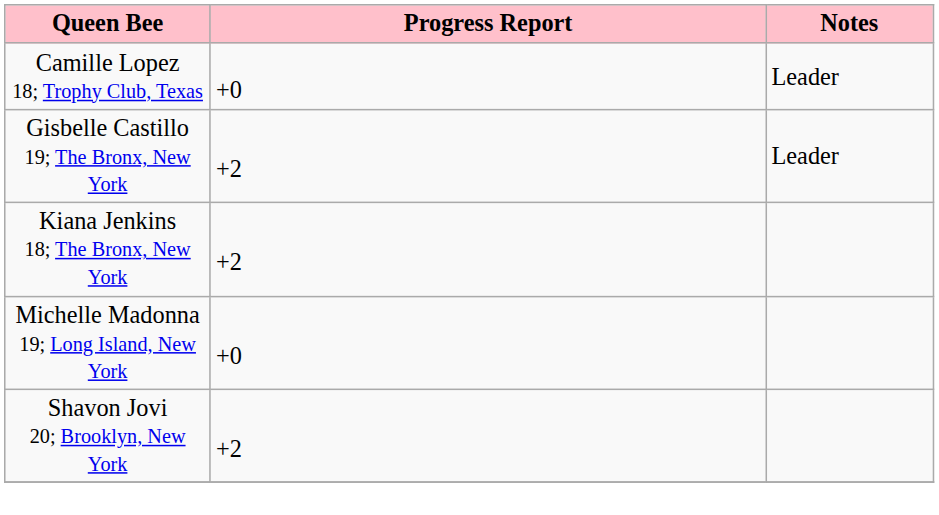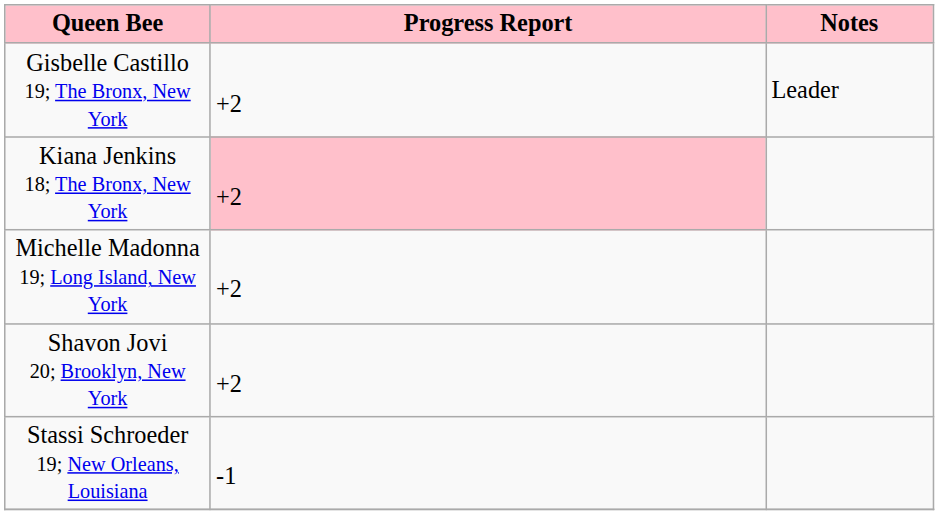 <table class="wikitable" width="98%">
 <tr>
 <th width="125" style="background:pink;">Queen Bee</th>
 <th width="350" style="background:pink;">Progress Report</th>
 <th width="100" style="background:pink;">Notes</th>
-</tr>
-<tr>
-<td style="text-align:center;">Camille Lopez<br><small>18; <a href='#'>Trophy Club, Texas</a></small></td>
-<td><br>        +0</td>
-<td>Leader</td>
 </tr>
 <tr>
 <td style="text-align:center;">Gisbelle Castillo<br><small>19; <a href='#'>The Bronx, New York</a></small></td>
 <td><br>        +2</td>
 <td>Leader</td>
 </tr>
 <tr>
 <td style="text-align:center;">Kiana Jenkins<br><small>18; <a href='#'>The Bronx, New York</a></small></td>
-<td><br>       +2</td>
+<td style="background: pink;"><br>       +2</td>
 <td></td>
 </tr>
 <tr>
 <td style="text-align:center;">Michelle Madonna<br><small>19; <a href='#'>Long Island, New York</a></small></td>
-<td><br>       +0</td>
+<td><br>       +2</td>
 <td></td>
 </tr>
 <tr>
 <td style="text-align:center;">Shavon Jovi<br><small>20; <a href='#'>Brooklyn, New York</a></small></td>
 <td><br>       +2</td>
 <td></td>
 </tr>
 <tr>
+<td style="text-align:center;">Stassi Schroeder<br><small>19; <a href='#'>New Orleans, Louisiana</a></small></td>
+<td><br>     -1</td>
+<td></td>
+</tr>
+<tr>
 </tr>
 </table>
